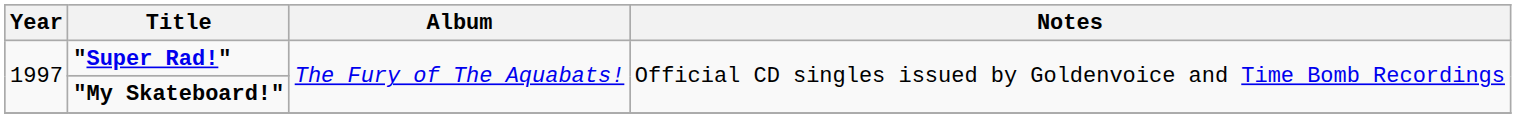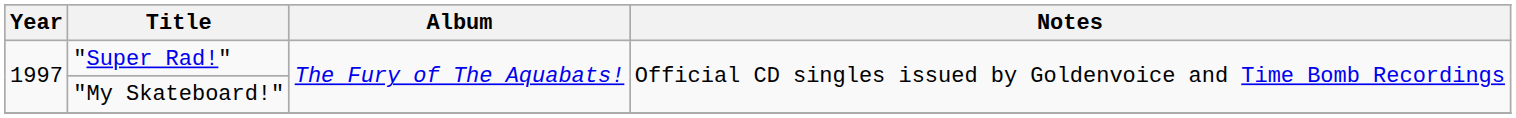 <table class="wikitable">
 <tr>
 <th>Year</th>
 <th>Title</th>
 <th>Album</th>
 <th>Notes</th>
 </tr>
 <tr>
 <td rowspan="2">1997</td>
-<td><strong>"<a href='#'>Super Rad!</a>"</strong></td>
+<td>"<a href='#'>Super Rad!</a>"</td>
 <td rowspan="2"><em><a href='#'>The Fury of The Aquabats!</a></em></td>
 <td rowspan="2">Official CD singles issued by Goldenvoice and <a href='#'>Time Bomb Recordings</a></td>
 </tr>
 <tr>
-<td><strong>"My Skateboard!"</strong></td>
+<td>"My Skateboard!"</td>
 </tr>
 <tr>
 </tr>
 </table>
